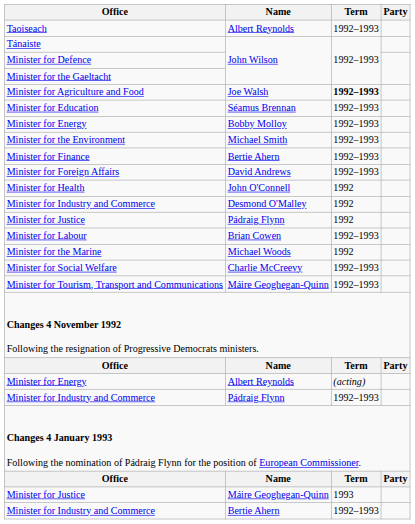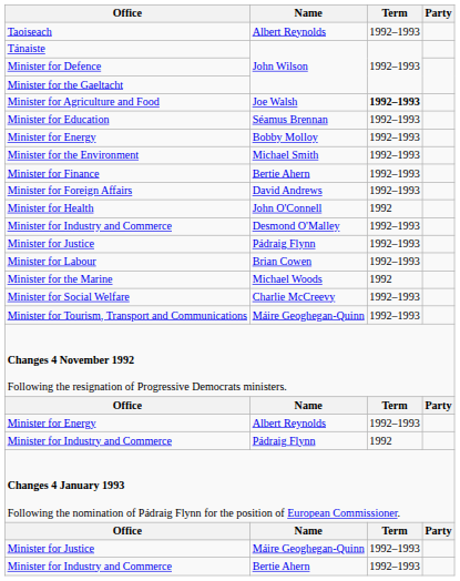 <table class="wikitable">
 <tr>
 <th>Office</th>
 <th>Name</th>
 <th>Term</th>
 <th colspan="2">Party</th>
 </tr>
 <tr>
 <td><a href='#'>Taoiseach</a></td>
 <td><a href='#'>Albert Reynolds</a></td>
 <td>1992–1993</td>
 <td></td>
 </tr>
 <tr>
 <td><a href='#'>Tánaiste</a></td>
 <td rowspan=3><a href='#'>John Wilson</a></td>
 <td rowspan=3>1992–1993</td>
 <td></td>
 </tr>
 <tr>
 <td><a href='#'>Minister for Defence</a></td>
 </tr>
 <tr>
 <td><a href='#'>Minister for the Gaeltacht</a></td>
 </tr>
 <tr>
 <td><a href='#'>Minister for Agriculture and Food</a></td>
 <td><a href='#'>Joe Walsh</a></td>
 <td><strong>1992–1993</strong></td>
 <td></td>
 </tr>
 <tr>
 <td><a href='#'>Minister for Education</a></td>
 <td><a href='#'>Séamus Brennan</a></td>
 <td>1992–1993</td>
 <td></td>
 </tr>
 <tr>
 <td><a href='#'>Minister for Energy</a></td>
 <td><a href='#'>Bobby Molloy</a></td>
 <td>1992–1993</td>
 <td></td>
 </tr>
 <tr>
 <td><a href='#'>Minister for the Environment</a></td>
 <td><a href='#'>Michael Smith</a></td>
 <td>1992–1993</td>
 <td></td>
 </tr>
 <tr>
 <td><a href='#'>Minister for Finance</a></td>
 <td><a href='#'>Bertie Ahern</a></td>
 <td>1992–1993</td>
 <td></td>
 </tr>
 <tr>
 <td><a href='#'>Minister for Foreign Affairs</a></td>
 <td><a href='#'>David Andrews</a></td>
 <td>1992–1993</td>
 <td></td>
 </tr>
 <tr>
 <td><a href='#'>Minister for Health</a></td>
 <td><a href='#'>John O'Connell</a></td>
 <td>1992</td>
 <td></td>
 </tr>
 <tr>
 <td><a href='#'>Minister for Industry and Commerce</a></td>
 <td><a href='#'>Desmond O'Malley</a></td>
-<td>1992</td>
+<td>1992–1993</td>
 <td></td>
 </tr>
 <tr>
 <td><a href='#'>Minister for Justice</a></td>
 <td><a href='#'>Pádraig Flynn</a></td>
-<td>1992</td>
+<td>1992–1993</td>
 <td></td>
 </tr>
 <tr>
 <td><a href='#'>Minister for Labour</a></td>
 <td><a href='#'>Brian Cowen</a></td>
 <td>1992–1993</td>
 <td></td>
 </tr>
 <tr>
 <td><a href='#'>Minister for the Marine</a></td>
 <td><a href='#'>Michael Woods</a></td>
 <td>1992</td>
 <td></td>
 </tr>
 <tr>
 <td><a href='#'>Minister for Social Welfare</a></td>
 <td><a href='#'>Charlie McCreevy</a></td>
 <td>1992–1993</td>
 <td></td>
 </tr>
 <tr>
 <td><a href='#'>Minister for Tourism, Transport and Communications</a></td>
 <td><a href='#'>Máire Geoghegan-Quinn</a></td>
 <td>1992–1993</td>
 <td></td>
 </tr>
 <tr>
 <td colspan="5"><br><h4>Changes 4 November 1992</h4>Following the resignation of Progressive Democrats ministers.</td>
 </tr>
 <tr>
 <th>Office</th>
 <th>Name</th>
 <th>Term</th>
 <th colspan="2">Party</th>
 </tr>
 <tr>
 <td><a href='#'>Minister for Energy</a></td>
 <td><a href='#'>Albert Reynolds</a></td>
-<td><em>(acting)</em></td>
+<td>1992–1993</td>
 <td></td>
 </tr>
 <tr>
 <td><a href='#'>Minister for Industry and Commerce</a></td>
 <td><a href='#'>Pádraig Flynn</a></td>
-<td>1992–1993</td>
+<td>1992</td>
 <td></td>
 </tr>
 <tr>
 <td colspan="5"><br><h4>Changes 4 January 1993</h4>Following the nomination of Pádraig Flynn for the position of <a href='#'>European Commissioner</a>.</td>
 </tr>
 <tr>
 <th>Office</th>
 <th>Name</th>
 <th>Term</th>
 <th colspan="2">Party</th>
 </tr>
 <tr>
 <td><a href='#'>Minister for Justice</a></td>
 <td><a href='#'>Máire Geoghegan-Quinn</a></td>
-<td>1993</td>
+<td>1992–1993</td>
 <td></td>
 </tr>
 <tr>
 <td><a href='#'>Minister for Industry and Commerce</a></td>
 <td><a href='#'>Bertie Ahern</a></td>
 <td>1992–1993</td>
 <td></td>
 </tr>
 </table>
